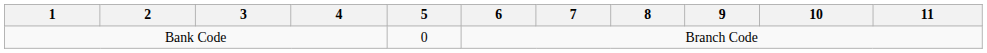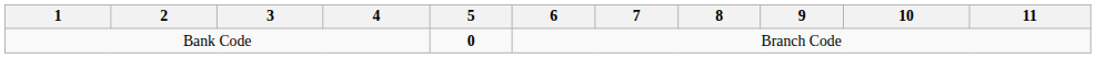 <table width="90%" class="wikitable" style="text-align:center;">
 <tr ฿>
 <th>1</th>
 <th>2</th>
 <th>3</th>
 <th>4</th>
 <th>5</th>
 <th>6</th>
 <th>7</th>
 <th>8</th>
 <th>9</th>
 <th>10</th>
 <th>11</th>
 </tr>
 <tr>
 <td colspan="4">Bank Code</td>
-<td>0</td>
+<td><strong>0</strong></td>
 <td colspan="6">Branch Code</td>
 </tr>
 </table>
